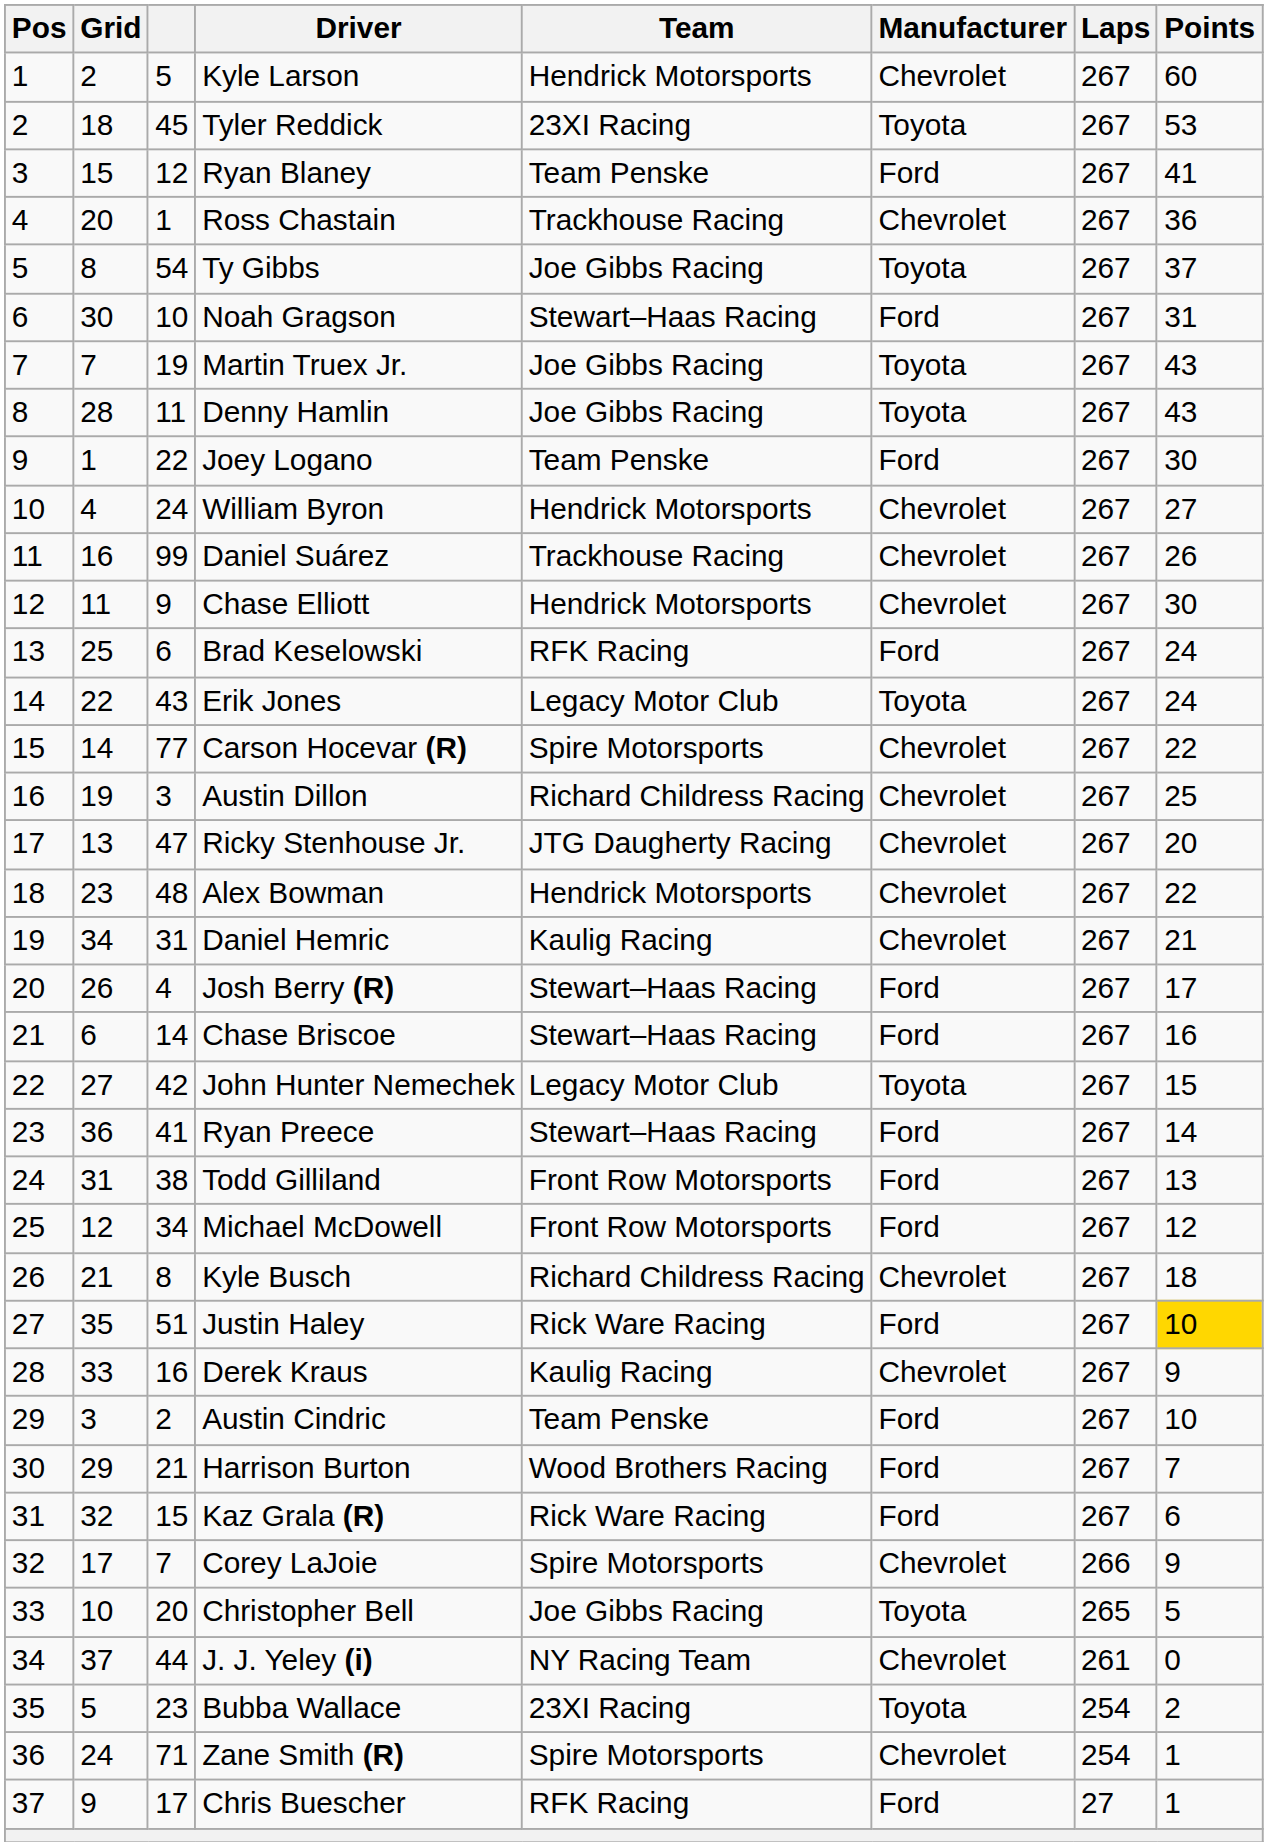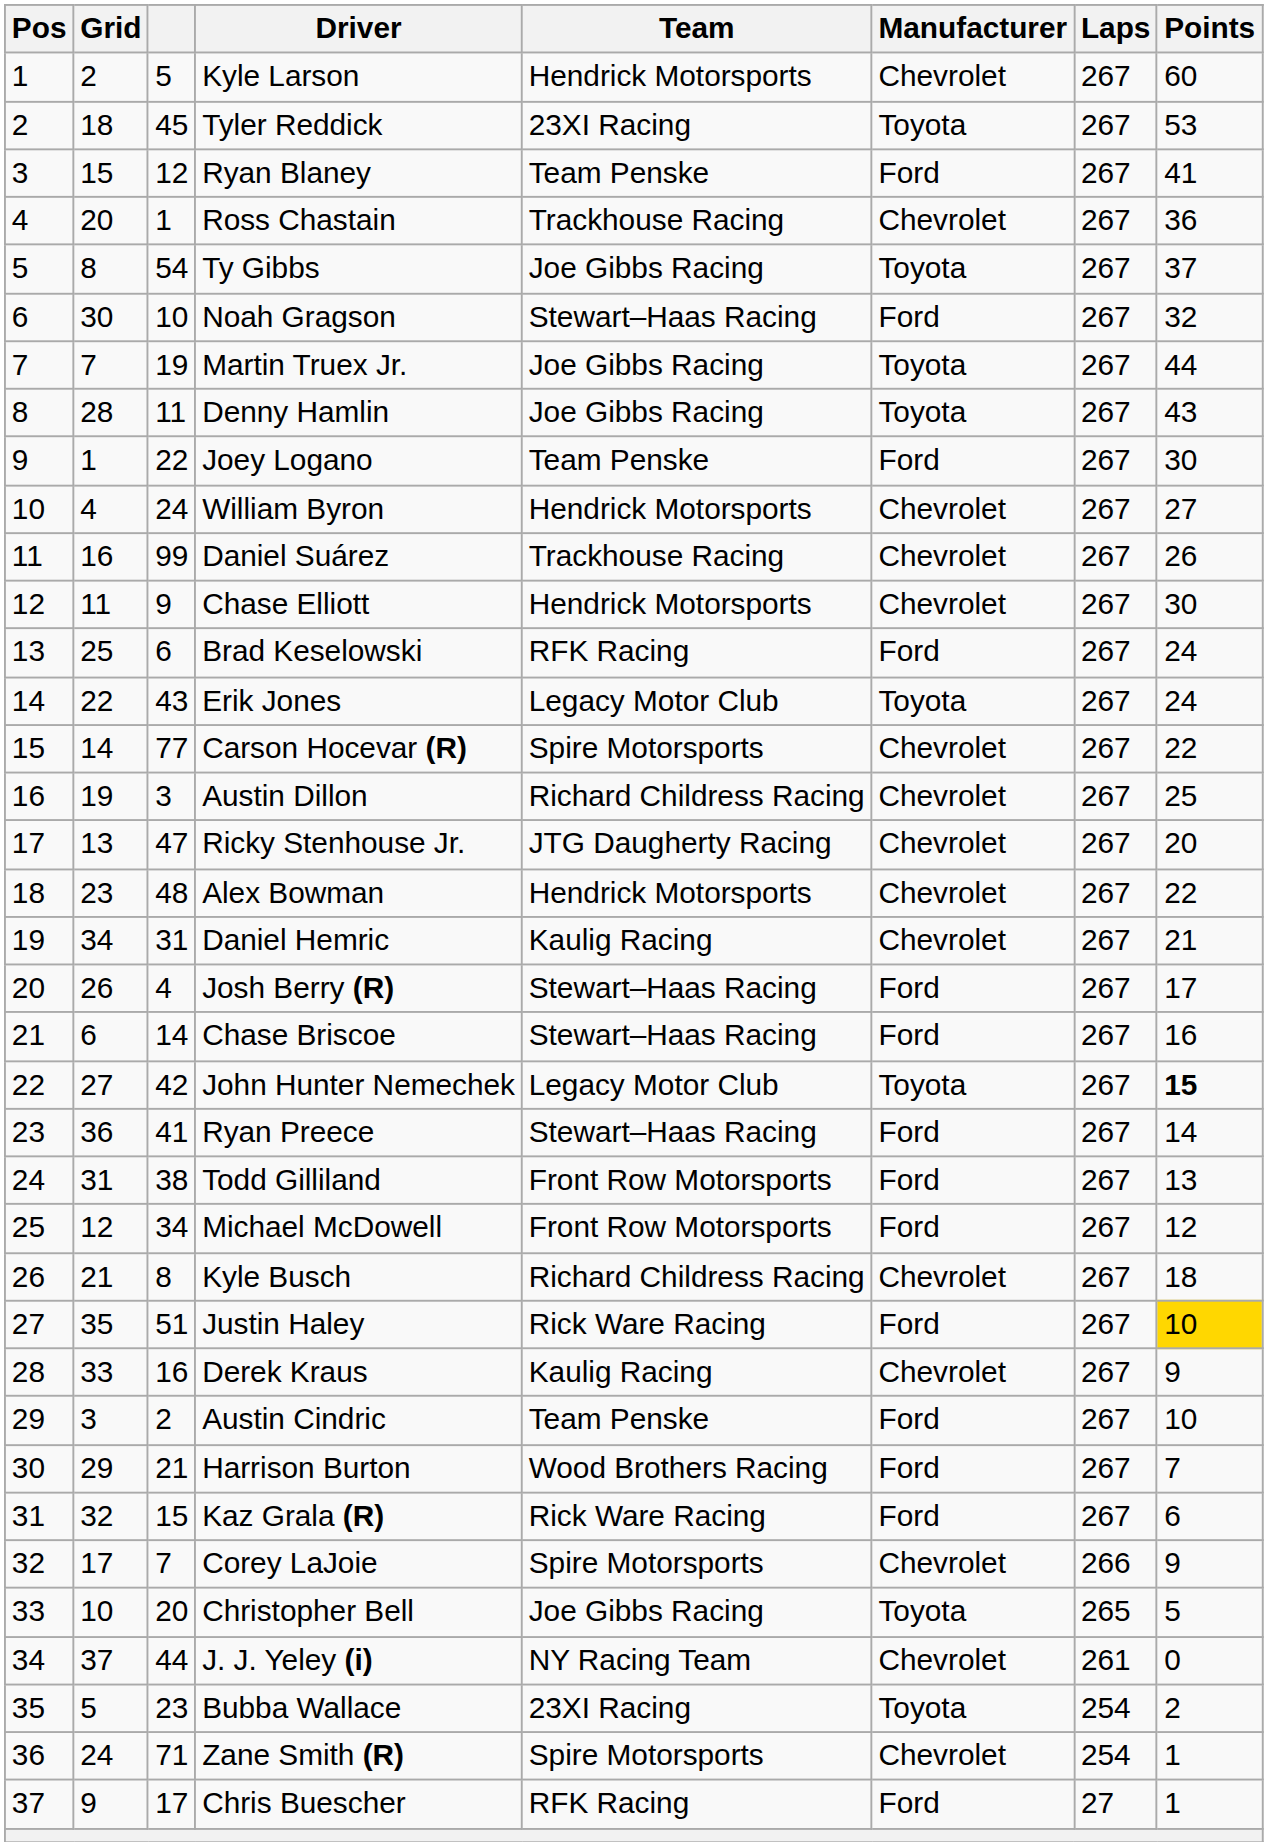 <table class="wikitable" style="font-size:98%">
 <tr>
 <th>Pos</th>
 <th>Grid</th>
 <th></th>
 <th>Driver</th>
 <th>Team</th>
 <th>Manufacturer</th>
 <th>Laps</th>
 <th>Points</th>
 </tr>
 <tr>
 <td>1</td>
 <td>2</td>
 <td>5</td>
 <td>Kyle Larson</td>
 <td>Hendrick Motorsports</td>
 <td>Chevrolet</td>
 <td>267</td>
 <td>60</td>
 </tr>
 <tr>
 <td>2</td>
 <td>18</td>
 <td>45</td>
 <td>Tyler Reddick</td>
 <td>23XI Racing</td>
 <td>Toyota</td>
 <td>267</td>
 <td>53</td>
 </tr>
 <tr>
 <td>3</td>
 <td>15</td>
 <td>12</td>
 <td>Ryan Blaney</td>
 <td>Team Penske</td>
 <td>Ford</td>
 <td>267</td>
 <td>41</td>
 </tr>
 <tr>
 <td>4</td>
 <td>20</td>
 <td>1</td>
 <td>Ross Chastain</td>
 <td>Trackhouse Racing</td>
 <td>Chevrolet</td>
 <td>267</td>
 <td>36</td>
 </tr>
 <tr>
 <td>5</td>
 <td>8</td>
 <td>54</td>
 <td>Ty Gibbs</td>
 <td>Joe Gibbs Racing</td>
 <td>Toyota</td>
 <td>267</td>
 <td>37</td>
 </tr>
 <tr>
 <td>6</td>
 <td>30</td>
 <td>10</td>
 <td>Noah Gragson</td>
 <td>Stewart–Haas Racing</td>
 <td>Ford</td>
 <td>267</td>
-<td>31</td>
+<td>32</td>
 </tr>
 <tr>
 <td>7</td>
 <td>7</td>
 <td>19</td>
 <td>Martin Truex Jr.</td>
 <td>Joe Gibbs Racing</td>
 <td>Toyota</td>
 <td>267</td>
-<td>43</td>
+<td>44</td>
 </tr>
 <tr>
 <td>8</td>
 <td>28</td>
 <td>11</td>
 <td>Denny Hamlin</td>
 <td>Joe Gibbs Racing</td>
 <td>Toyota</td>
 <td>267</td>
 <td>43</td>
 </tr>
 <tr>
 <td>9</td>
 <td>1</td>
 <td>22</td>
 <td>Joey Logano</td>
 <td>Team Penske</td>
 <td>Ford</td>
 <td>267</td>
 <td>30</td>
 </tr>
 <tr>
 <td>10</td>
 <td>4</td>
 <td>24</td>
 <td>William Byron</td>
 <td>Hendrick Motorsports</td>
 <td>Chevrolet</td>
 <td>267</td>
 <td>27</td>
 </tr>
 <tr>
 <td>11</td>
 <td>16</td>
 <td>99</td>
 <td>Daniel Suárez</td>
 <td>Trackhouse Racing</td>
 <td>Chevrolet</td>
 <td>267</td>
 <td>26</td>
 </tr>
 <tr>
 <td>12</td>
 <td>11</td>
 <td>9</td>
 <td>Chase Elliott</td>
 <td>Hendrick Motorsports</td>
 <td>Chevrolet</td>
 <td>267</td>
 <td>30</td>
 </tr>
 <tr>
 <td>13</td>
 <td>25</td>
 <td>6</td>
 <td>Brad Keselowski</td>
 <td>RFK Racing</td>
 <td>Ford</td>
 <td>267</td>
 <td>24</td>
 </tr>
 <tr>
 <td>14</td>
 <td>22</td>
 <td>43</td>
 <td>Erik Jones</td>
 <td>Legacy Motor Club</td>
 <td>Toyota</td>
 <td>267</td>
 <td>24</td>
 </tr>
 <tr>
 <td>15</td>
 <td>14</td>
 <td>77</td>
 <td>Carson Hocevar <strong>(R)</strong></td>
 <td>Spire Motorsports</td>
 <td>Chevrolet</td>
 <td>267</td>
 <td>22</td>
 </tr>
 <tr>
 <td>16</td>
 <td>19</td>
 <td>3</td>
 <td>Austin Dillon</td>
 <td>Richard Childress Racing</td>
 <td>Chevrolet</td>
 <td>267</td>
 <td>25</td>
 </tr>
 <tr>
 <td>17</td>
 <td>13</td>
 <td>47</td>
 <td>Ricky Stenhouse Jr.</td>
 <td>JTG Daugherty Racing</td>
 <td>Chevrolet</td>
 <td>267</td>
 <td>20</td>
 </tr>
 <tr>
 <td>18</td>
 <td>23</td>
 <td>48</td>
 <td>Alex Bowman</td>
 <td>Hendrick Motorsports</td>
 <td>Chevrolet</td>
 <td>267</td>
 <td>22</td>
 </tr>
 <tr>
 <td>19</td>
 <td>34</td>
 <td>31</td>
 <td>Daniel Hemric</td>
 <td>Kaulig Racing</td>
 <td>Chevrolet</td>
 <td>267</td>
 <td>21</td>
 </tr>
 <tr>
 <td>20</td>
 <td>26</td>
 <td>4</td>
 <td>Josh Berry <strong>(R)</strong></td>
 <td>Stewart–Haas Racing</td>
 <td>Ford</td>
 <td>267</td>
 <td>17</td>
 </tr>
 <tr>
 <td>21</td>
 <td>6</td>
 <td>14</td>
 <td>Chase Briscoe</td>
 <td>Stewart–Haas Racing</td>
 <td>Ford</td>
 <td>267</td>
 <td>16</td>
 </tr>
 <tr>
 <td>22</td>
 <td>27</td>
 <td>42</td>
 <td>John Hunter Nemechek</td>
 <td>Legacy Motor Club</td>
 <td>Toyota</td>
 <td>267</td>
-<td>15</td>
+<td><strong>15</strong></td>
 </tr>
 <tr>
 <td>23</td>
 <td>36</td>
 <td>41</td>
 <td>Ryan Preece</td>
 <td>Stewart–Haas Racing</td>
 <td>Ford</td>
 <td>267</td>
 <td>14</td>
 </tr>
 <tr>
 <td>24</td>
 <td>31</td>
 <td>38</td>
 <td>Todd Gilliland</td>
 <td>Front Row Motorsports</td>
 <td>Ford</td>
 <td>267</td>
 <td>13</td>
 </tr>
 <tr>
 <td>25</td>
 <td>12</td>
 <td>34</td>
 <td>Michael McDowell</td>
 <td>Front Row Motorsports</td>
 <td>Ford</td>
 <td>267</td>
 <td>12</td>
 </tr>
 <tr>
 <td>26</td>
 <td>21</td>
 <td>8</td>
 <td>Kyle Busch</td>
 <td>Richard Childress Racing</td>
 <td>Chevrolet</td>
 <td>267</td>
 <td>18</td>
 </tr>
 <tr>
 <td>27</td>
 <td>35</td>
 <td>51</td>
 <td>Justin Haley</td>
 <td>Rick Ware Racing</td>
 <td>Ford</td>
 <td>267</td>
 <td style="background: gold;">10</td>
 </tr>
 <tr>
 <td>28</td>
 <td>33</td>
 <td>16</td>
 <td>Derek Kraus</td>
 <td>Kaulig Racing</td>
 <td>Chevrolet</td>
 <td>267</td>
 <td>9</td>
 </tr>
 <tr>
 <td>29</td>
 <td>3</td>
 <td>2</td>
 <td>Austin Cindric</td>
 <td>Team Penske</td>
 <td>Ford</td>
 <td>267</td>
 <td>10</td>
 </tr>
 <tr>
 <td>30</td>
 <td>29</td>
 <td>21</td>
 <td>Harrison Burton</td>
 <td>Wood Brothers Racing</td>
 <td>Ford</td>
 <td>267</td>
 <td>7</td>
 </tr>
 <tr>
 <td>31</td>
 <td>32</td>
 <td>15</td>
 <td>Kaz Grala <strong>(R)</strong></td>
 <td>Rick Ware Racing</td>
 <td>Ford</td>
 <td>267</td>
 <td>6</td>
 </tr>
 <tr>
 <td>32</td>
 <td>17</td>
 <td>7</td>
 <td>Corey LaJoie</td>
 <td>Spire Motorsports</td>
 <td>Chevrolet</td>
 <td>266</td>
 <td>9</td>
 </tr>
 <tr>
 <td>33</td>
 <td>10</td>
 <td>20</td>
 <td>Christopher Bell</td>
 <td>Joe Gibbs Racing</td>
 <td>Toyota</td>
 <td>265</td>
 <td>5</td>
 </tr>
 <tr>
 <td>34</td>
 <td>37</td>
 <td>44</td>
 <td>J. J. Yeley <strong>(i)</strong></td>
 <td>NY Racing Team</td>
 <td>Chevrolet</td>
 <td>261</td>
 <td>0</td>
 </tr>
 <tr>
 <td>35</td>
 <td>5</td>
 <td>23</td>
 <td>Bubba Wallace</td>
 <td>23XI Racing</td>
 <td>Toyota</td>
 <td>254</td>
 <td>2</td>
 </tr>
 <tr>
 <td>36</td>
 <td>24</td>
 <td>71</td>
 <td>Zane Smith <strong>(R)</strong></td>
 <td>Spire Motorsports</td>
 <td>Chevrolet</td>
 <td>254</td>
 <td>1</td>
 </tr>
 <tr>
 <td>37</td>
 <td>9</td>
 <td>17</td>
 <td>Chris Buescher</td>
 <td>RFK Racing</td>
 <td>Ford</td>
 <td>27</td>
 <td>1</td>
 </tr>
 <tr>
 <th colspan="8"></th>
 </tr>
 </table>
